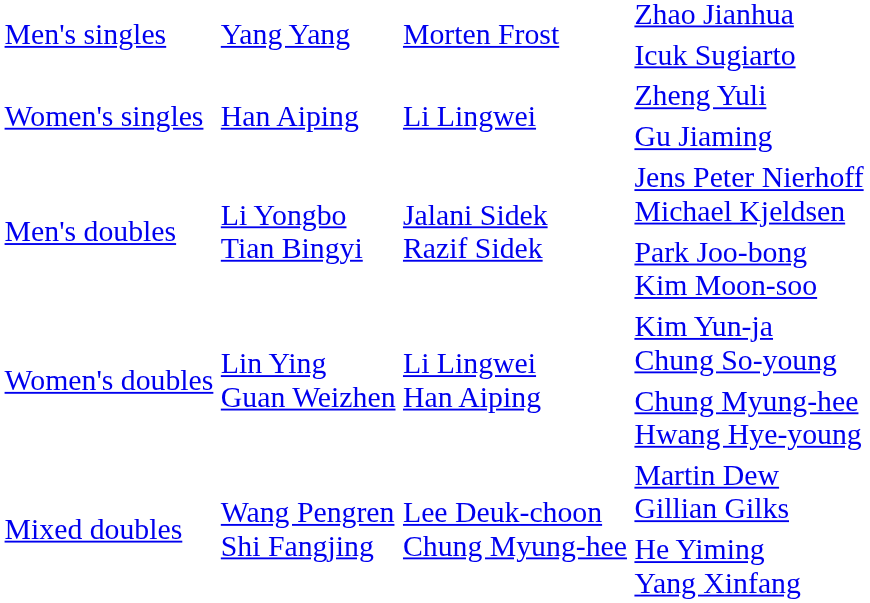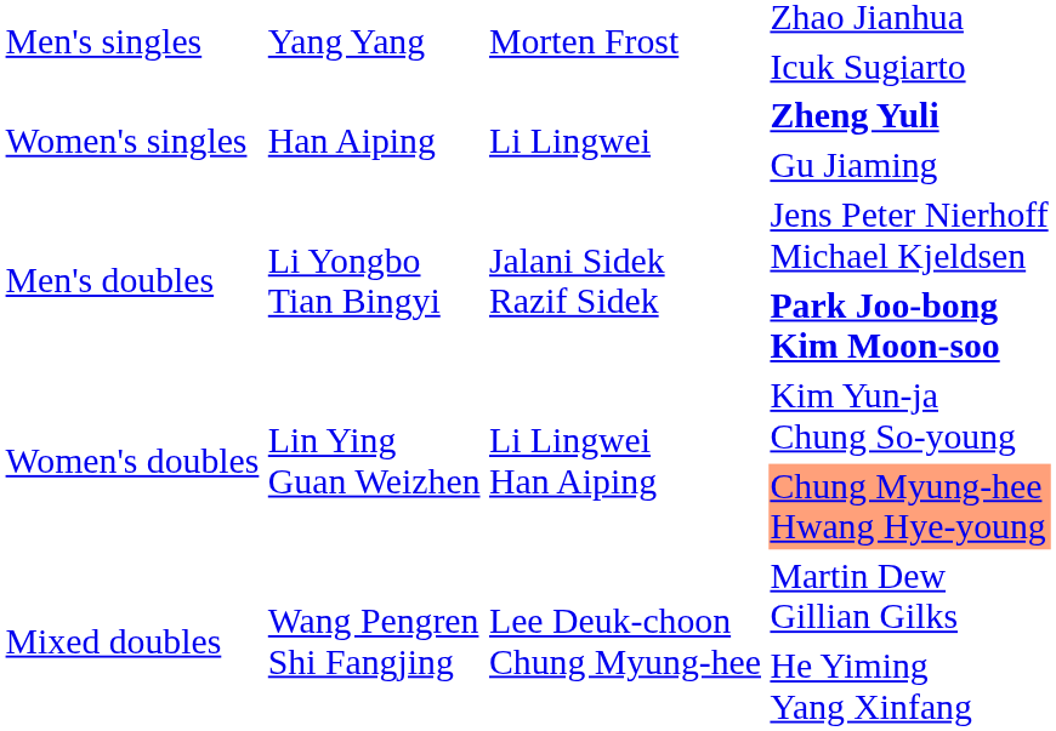 <table>
 <tr>
 <td rowspan=2><a href='#'>Men's singles</a></td>
 <td rowspan=2> <a href='#'>Yang Yang</a></td>
 <td rowspan=2> <a href='#'>Morten Frost</a></td>
 <td> <a href='#'>Zhao Jianhua</a></td>
 </tr>
 <tr>
 <td> <a href='#'>Icuk Sugiarto</a></td>
 </tr>
 <tr>
 <td rowspan=2><a href='#'>Women's singles</a></td>
 <td rowspan=2> <a href='#'>Han Aiping</a></td>
 <td rowspan=2> <a href='#'>Li Lingwei</a></td>
-<td> <a href='#'>Zheng Yuli</a></td>
+<td><strong> <a href='#'>Zheng Yuli</a></strong></td>
 </tr>
 <tr>
 <td> <a href='#'>Gu Jiaming</a></td>
 </tr>
 <tr>
 <td rowspan=2><a href='#'>Men's doubles</a></td>
 <td rowspan=2> <a href='#'>Li Yongbo</a><br> <a href='#'>Tian Bingyi</a></td>
 <td rowspan=2> <a href='#'>Jalani Sidek</a><br> <a href='#'>Razif Sidek</a></td>
 <td> <a href='#'>Jens Peter Nierhoff</a><br> <a href='#'>Michael Kjeldsen</a></td>
 </tr>
 <tr>
-<td> <a href='#'>Park Joo-bong</a><br> <a href='#'>Kim Moon-soo</a></td>
+<td><strong> <a href='#'>Park Joo-bong</a><br> <a href='#'>Kim Moon-soo</a></strong></td>
 </tr>
 <tr>
 <td rowspan=2><a href='#'>Women's doubles</a></td>
 <td rowspan=2> <a href='#'>Lin Ying</a><br> <a href='#'>Guan Weizhen</a></td>
 <td rowspan=2> <a href='#'>Li Lingwei</a><br> <a href='#'>Han Aiping</a></td>
 <td> <a href='#'>Kim Yun-ja</a><br> <a href='#'>Chung So-young</a></td>
 </tr>
 <tr>
-<td> <a href='#'>Chung Myung-hee</a><br> <a href='#'>Hwang Hye-young</a></td>
+<td style="background: lightsalmon;"> <a href='#'>Chung Myung-hee</a><br> <a href='#'>Hwang Hye-young</a></td>
 </tr>
 <tr>
 <td rowspan=2><a href='#'>Mixed doubles</a></td>
 <td rowspan=2> <a href='#'>Wang Pengren</a> <br> <a href='#'>Shi Fangjing</a></td>
 <td rowspan=2> <a href='#'>Lee Deuk-choon</a><br> <a href='#'>Chung Myung-hee</a></td>
 <td> <a href='#'>Martin Dew</a><br> <a href='#'>Gillian Gilks</a></td>
 </tr>
 <tr>
 <td> <a href='#'>He Yiming</a> <br> <a href='#'>Yang Xinfang</a></td>
 </tr>
 </table>
